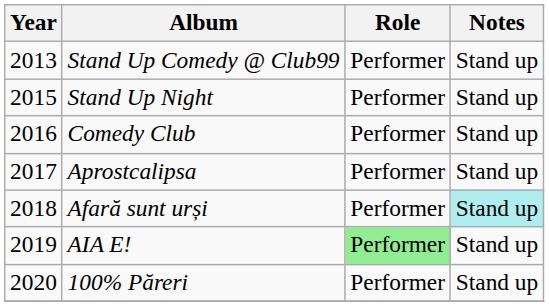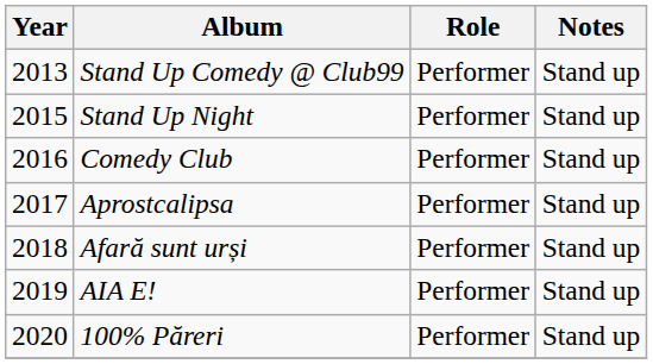 <table class="wikitable sortable">
 <tr>
 <th>Year</th>
 <th>Album</th>
 <th>Role</th>
 <th class="unsortable">Notes</th>
 </tr>
 <tr>
 <td>2013</td>
 <td><em>Stand Up Comedy @ Club99</em></td>
 <td>Performer</td>
 <td>Stand up</td>
 </tr>
 <tr>
 <td>2015</td>
 <td><em>Stand Up Night</em></td>
 <td>Performer</td>
 <td>Stand up</td>
 </tr>
 <tr>
 <td>2016</td>
 <td><em>Comedy Club</em></td>
 <td>Performer</td>
 <td>Stand up</td>
 </tr>
 <tr>
 <td>2017</td>
 <td><em>Aprostcalipsa</em></td>
 <td>Performer</td>
 <td>Stand up</td>
 </tr>
 <tr>
 <td>2018</td>
 <td><em>Afară sunt urși</em></td>
 <td>Performer</td>
-<td style="background: paleturquoise;">Stand up</td>
+<td>Stand up</td>
 </tr>
 <tr>
 <td>2019</td>
 <td><em>AIA E!</em></td>
-<td style="background: lightgreen;">Performer</td>
+<td>Performer</td>
 <td>Stand up</td>
 </tr>
 <tr>
 <td>2020</td>
 <td><em>100% Păreri</em></td>
 <td>Performer</td>
 <td>Stand up</td>
 </tr>
 <tr>
 </tr>
 </table>
